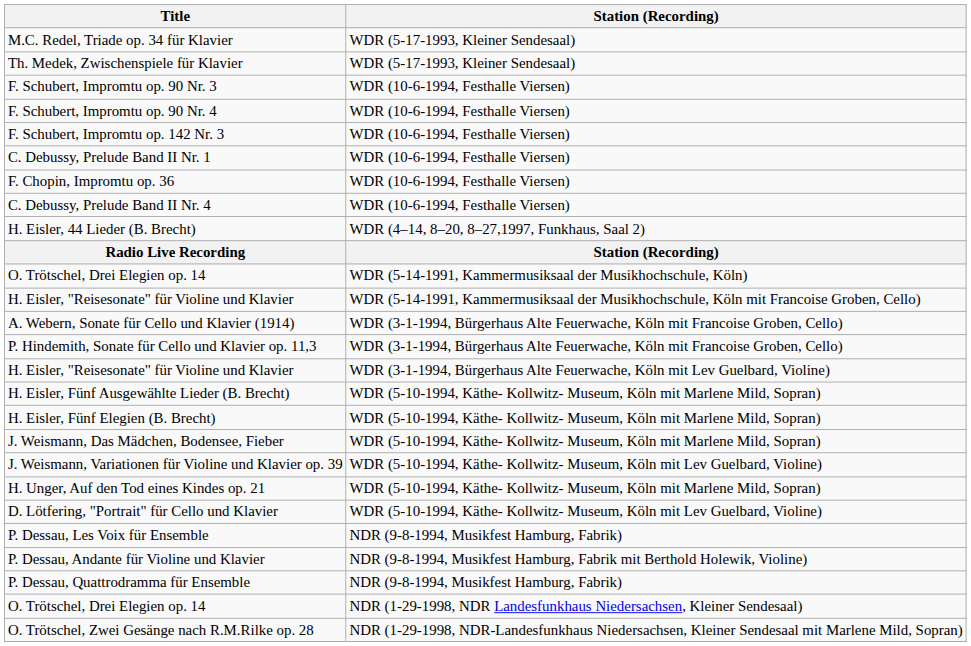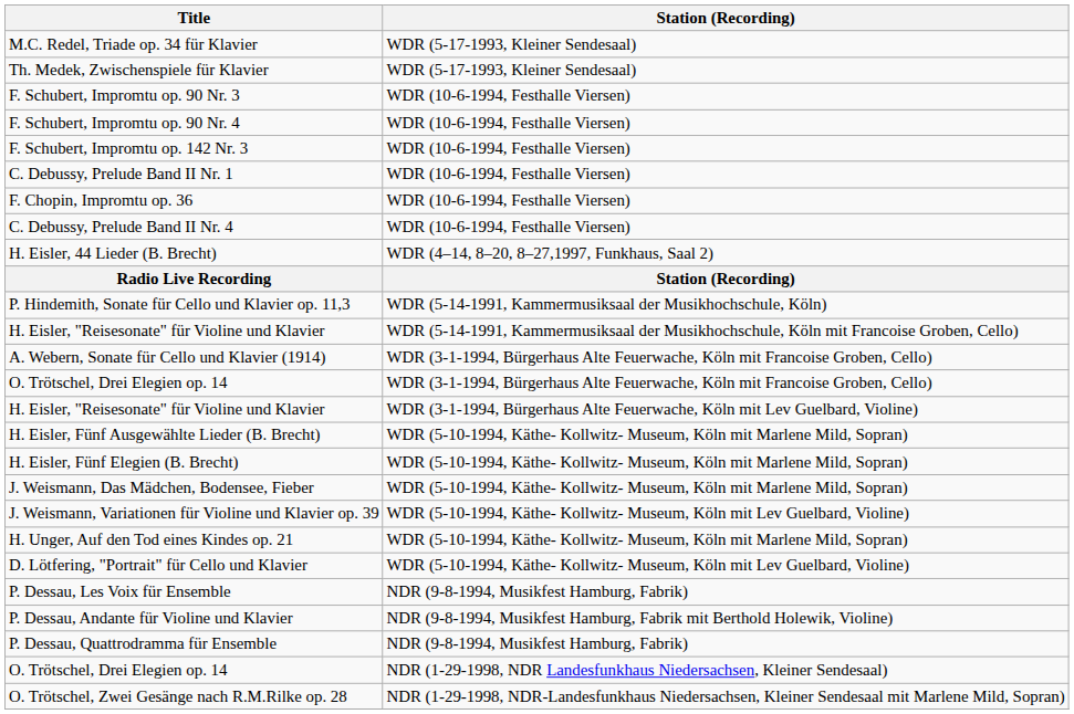 <table class="wikitable">
 <tr>
 <th>Title</th>
 <th>Station (Recording)</th>
 </tr>
 <tr>
 <td>M.C. Redel, Triade op. 34 für Klavier</td>
 <td>WDR (5-17-1993, Kleiner Sendesaal)</td>
 </tr>
 <tr>
 <td>Th. Medek, Zwischenspiele für Klavier</td>
 <td>WDR (5-17-1993, Kleiner Sendesaal)</td>
 </tr>
 <tr>
 <td>F. Schubert, Impromtu op. 90 Nr. 3</td>
 <td>WDR (10-6-1994, Festhalle Viersen)</td>
 </tr>
 <tr>
 <td>F. Schubert, Impromtu op. 90 Nr. 4</td>
 <td>WDR (10-6-1994, Festhalle Viersen)</td>
 </tr>
 <tr>
 <td>F. Schubert, Impromtu op. 142 Nr. 3</td>
 <td>WDR (10-6-1994, Festhalle Viersen)</td>
 </tr>
 <tr>
 <td>C. Debussy, Prelude Band II Nr. 1</td>
 <td>WDR (10-6-1994, Festhalle Viersen)</td>
 </tr>
 <tr>
 <td>F. Chopin, Impromtu op. 36</td>
 <td>WDR (10-6-1994, Festhalle Viersen)</td>
 </tr>
 <tr>
 <td>C. Debussy, Prelude Band II Nr. 4</td>
 <td>WDR (10-6-1994, Festhalle Viersen)</td>
 </tr>
 <tr>
 <td>H. Eisler, 44 Lieder (B. Brecht)</td>
 <td>WDR (4–14, 8–20, 8–27,1997, Funkhaus, Saal 2)</td>
 </tr>
 <tr>
 <th>Radio Live Recording</th>
 <th>Station (Recording)</th>
 </tr>
 <tr>
-<td>O. Trötschel, Drei Elegien op. 14</td>
+<td>P. Hindemith, Sonate für Cello und Klavier op. 11,3</td>
 <td>WDR (5-14-1991, Kammermusiksaal der Musikhochschule, Köln)</td>
 </tr>
 <tr>
 <td>H. Eisler, "Reisesonate" für Violine und Klavier</td>
 <td>WDR (5-14-1991, Kammermusiksaal der Musikhochschule, Köln mit Francoise Groben, Cello)</td>
 </tr>
 <tr>
 <td>A. Webern, Sonate für Cello und Klavier (1914)</td>
 <td>WDR (3-1-1994, Bürgerhaus Alte Feuerwache, Köln mit Francoise Groben, Cello)</td>
 </tr>
 <tr>
-<td>P. Hindemith, Sonate für Cello und Klavier op. 11,3</td>
+<td>O. Trötschel, Drei Elegien op. 14</td>
 <td>WDR (3-1-1994, Bürgerhaus Alte Feuerwache, Köln mit Francoise Groben, Cello)</td>
 </tr>
 <tr>
 <td>H. Eisler, "Reisesonate" für Violine und Klavier</td>
 <td>WDR (3-1-1994, Bürgerhaus Alte Feuerwache, Köln mit Lev Guelbard, Violine)</td>
 </tr>
 <tr>
 <td>H. Eisler, Fünf Ausgewählte Lieder (B. Brecht)</td>
 <td>WDR (5-10-1994, Käthe- Kollwitz- Museum, Köln mit Marlene Mild, Sopran)</td>
 </tr>
 <tr>
 <td>H. Eisler, Fünf Elegien (B. Brecht)</td>
 <td>WDR (5-10-1994, Käthe- Kollwitz- Museum, Köln mit Marlene Mild, Sopran)</td>
 </tr>
 <tr>
 <td>J. Weismann, Das Mädchen, Bodensee, Fieber</td>
 <td>WDR (5-10-1994, Käthe- Kollwitz- Museum, Köln mit Marlene Mild, Sopran)</td>
 </tr>
 <tr>
 <td>J. Weismann, Variationen für Violine und Klavier op. 39</td>
 <td>WDR (5-10-1994, Käthe- Kollwitz- Museum, Köln mit Lev Guelbard, Violine)</td>
 </tr>
 <tr>
 <td>H. Unger, Auf den Tod eines Kindes op. 21</td>
 <td>WDR (5-10-1994, Käthe- Kollwitz- Museum, Köln mit Marlene Mild, Sopran)</td>
 </tr>
 <tr>
 <td>D. Lötfering, "Portrait" für Cello und Klavier</td>
 <td>WDR (5-10-1994, Käthe- Kollwitz- Museum, Köln mit Lev Guelbard, Violine)</td>
 </tr>
 <tr>
 <td>P. Dessau, Les Voix für Ensemble</td>
 <td>NDR (9-8-1994, Musikfest Hamburg, Fabrik)</td>
 </tr>
 <tr>
 <td>P. Dessau, Andante für Violine und Klavier</td>
 <td>NDR (9-8-1994, Musikfest Hamburg, Fabrik mit Berthold Holewik, Violine)</td>
 </tr>
 <tr>
 <td>P. Dessau, Quattrodramma für Ensemble</td>
 <td>NDR (9-8-1994, Musikfest Hamburg, Fabrik)</td>
 </tr>
 <tr>
 <td>O. Trötschel, Drei Elegien op. 14</td>
 <td>NDR (1-29-1998, NDR <a href='#'>Landesfunkhaus Niedersachsen</a>, Kleiner Sendesaal)</td>
 </tr>
 <tr>
 <td>O. Trötschel, Zwei Gesänge nach R.M.Rilke op. 28</td>
 <td>NDR (1-29-1998, NDR-Landesfunkhaus Niedersachsen, Kleiner Sendesaal mit Marlene Mild, Sopran)</td>
 </tr>
 <tr>
 </tr>
 </table>
